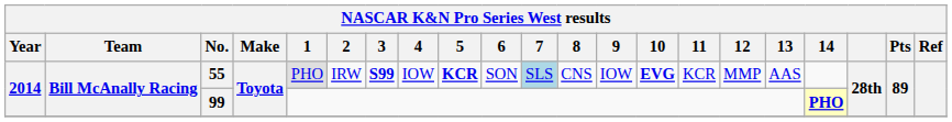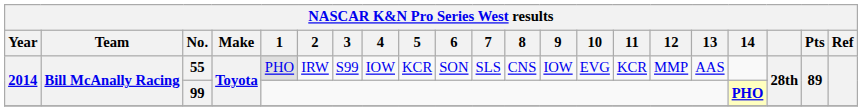 <table class="wikitable" style="text-align:center; font-size:75%">
 <tr>
 <th colspan="22"><a href='#'>NASCAR K&N Pro Series West</a> results</th>
 </tr>
 <tr>
 <th>Year</th>
 <th>Team</th>
 <th>No.</th>
 <th>Make</th>
 <th>1</th>
 <th>2</th>
 <th>3</th>
 <th>4</th>
 <th>5</th>
 <th>6</th>
 <th>7</th>
 <th>8</th>
 <th>9</th>
 <th>10</th>
 <th>11</th>
 <th>12</th>
 <th>13</th>
 <th>14</th>
 <th></th>
 <th>Pts</th>
 <th>Ref</th>
 </tr>
 <tr>
 <th rowspan=2><a href='#'>2014</a></th>
 <th rowspan=2><a href='#'>Bill McAnally Racing</a></th>
 <th>55</th>
 <th rowspan=2><a href='#'>Toyota</a></th>
 <td style="background-color:#DFDFDF"><a href='#'>PHO</a><br></td>
 <td><a href='#'>IRW</a></td>
-<td><strong><a href='#'>S99</a></strong></td>
+<td><a href='#'>S99</a></td>
 <td><a href='#'>IOW</a></td>
-<td><strong><a href='#'>KCR</a></strong></td>
+<td><a href='#'>KCR</a></td>
 <td><a href='#'>SON</a></td>
-<td style="background: lightblue;"><a href='#'>SLS</a></td>
+<td><a href='#'>SLS</a></td>
 <td><a href='#'>CNS</a></td>
 <td><a href='#'>IOW</a></td>
-<td><strong><a href='#'>EVG</a></strong></td>
+<td><a href='#'>EVG</a></td>
 <td><a href='#'>KCR</a></td>
 <td><a href='#'>MMP</a></td>
 <td><a href='#'>AAS</a></td>
 <td></td>
 <th rowspan=2>28th</th>
 <th rowspan=2>89</th>
 <th rowspan=2></th>
 </tr>
 <tr>
 <th>99</th>
 <td colspan=13></td>
 <td style="background-color:#FFFFBF"><strong><a href='#'>PHO</a></strong><br></td>
 </tr>
 <tr>
 </tr>
 </table>
